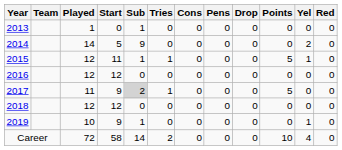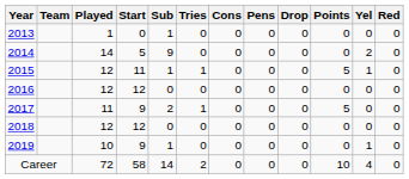 <table class="wikitable sortable" style="font-size: 95%; text-align: right;">
 <tr>
 <th>Year</th>
 <th>Team</th>
 <th>Played</th>
 <th>Start</th>
 <th>Sub</th>
 <th>Tries</th>
 <th>Cons</th>
 <th>Pens</th>
 <th>Drop</th>
 <th>Points</th>
 <th>Yel</th>
 <th>Red</th>
 </tr>
 <tr>
 <td align="left"><a href='#'>2013</a></td>
 <td align="left"></td>
 <td>1</td>
 <td>0</td>
 <td>1</td>
 <td>0</td>
 <td>0</td>
 <td>0</td>
 <td>0</td>
 <td>0</td>
 <td>0</td>
 <td>0</td>
 </tr>
 <tr>
 <td align="left"><a href='#'>2014</a></td>
 <td align="left"></td>
 <td>14</td>
 <td>5</td>
 <td>9</td>
 <td>0</td>
 <td>0</td>
 <td>0</td>
 <td>0</td>
 <td>0</td>
 <td>2</td>
 <td>0</td>
 </tr>
 <tr>
 <td align="left"><a href='#'>2015</a></td>
 <td align="left"></td>
 <td>12</td>
 <td>11</td>
 <td>1</td>
 <td>1</td>
 <td>0</td>
 <td>0</td>
 <td>0</td>
 <td>5</td>
 <td>1</td>
 <td>0</td>
 </tr>
 <tr>
 <td align="left"><a href='#'>2016</a></td>
 <td align="left"></td>
 <td>12</td>
 <td>12</td>
 <td>0</td>
 <td>0</td>
 <td>0</td>
 <td>0</td>
 <td>0</td>
 <td>0</td>
 <td>0</td>
 <td>0</td>
 </tr>
 <tr>
 <td align="left"><a href='#'>2017</a></td>
 <td align="left"></td>
 <td>11</td>
 <td>9</td>
-<td style="background: lightgrey;">2</td>
+<td>2</td>
 <td>1</td>
 <td>0</td>
 <td>0</td>
 <td>0</td>
 <td>5</td>
 <td>0</td>
 <td>0</td>
 </tr>
 <tr>
 <td align="left"><a href='#'>2018</a></td>
 <td align="left"></td>
 <td>12</td>
 <td>12</td>
 <td>0</td>
 <td>0</td>
 <td>0</td>
 <td>0</td>
 <td>0</td>
 <td>0</td>
 <td>0</td>
 <td>0</td>
 </tr>
 <tr>
 <td align="left"><a href='#'>2019</a></td>
 <td align="left"></td>
 <td>10</td>
 <td>9</td>
 <td>1</td>
 <td>0</td>
 <td>0</td>
 <td>0</td>
 <td>0</td>
 <td>0</td>
 <td>1</td>
 <td>0</td>
 </tr>
 <tr class="sortbottom">
 <td style="text-align:center;" colspan="2">Career</td>
 <td>72</td>
 <td>58</td>
 <td>14</td>
 <td>2</td>
 <td>0</td>
 <td>0</td>
 <td>0</td>
 <td>10</td>
 <td>4</td>
 <td>0</td>
 </tr>
 </table>
